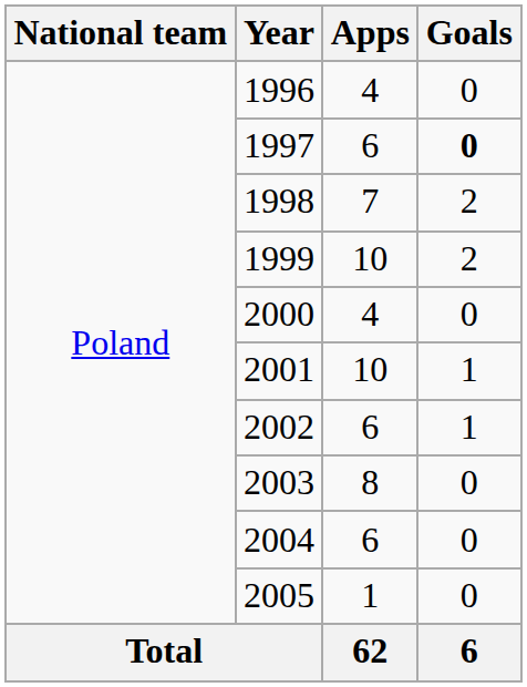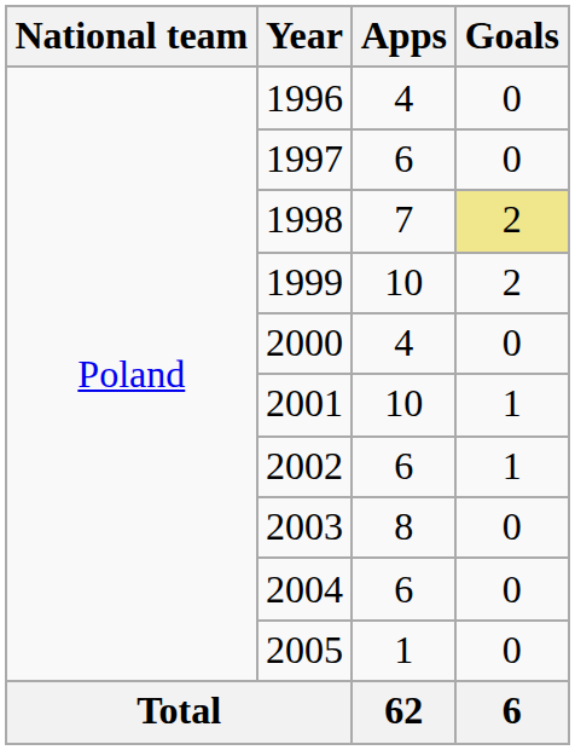 <table class="wikitable" style="text-align:center">
 <tr>
 <th>National team</th>
 <th>Year</th>
 <th>Apps</th>
 <th>Goals</th>
 </tr>
 <tr>
 <td rowspan="10"><a href='#'>Poland</a></td>
 <td>1996</td>
 <td>4</td>
 <td>0</td>
 </tr>
 <tr>
 <td>1997</td>
 <td>6</td>
-<td><strong>0</strong></td>
+<td>0</td>
 </tr>
 <tr>
 <td>1998</td>
 <td>7</td>
-<td>2</td>
+<td style="background: khaki;">2</td>
 </tr>
 <tr>
 <td>1999</td>
 <td>10</td>
 <td>2</td>
 </tr>
 <tr>
 <td>2000</td>
 <td>4</td>
 <td>0</td>
 </tr>
 <tr>
 <td>2001</td>
 <td>10</td>
 <td>1</td>
 </tr>
 <tr>
 <td>2002</td>
 <td>6</td>
 <td>1</td>
 </tr>
 <tr>
 <td>2003</td>
 <td>8</td>
 <td>0</td>
 </tr>
 <tr>
 <td>2004</td>
 <td>6</td>
 <td>0</td>
 </tr>
 <tr>
 <td>2005</td>
 <td>1</td>
 <td>0</td>
 </tr>
 <tr>
 <th colspan="2">Total</th>
 <th>62</th>
 <th>6</th>
 </tr>
 </table>
